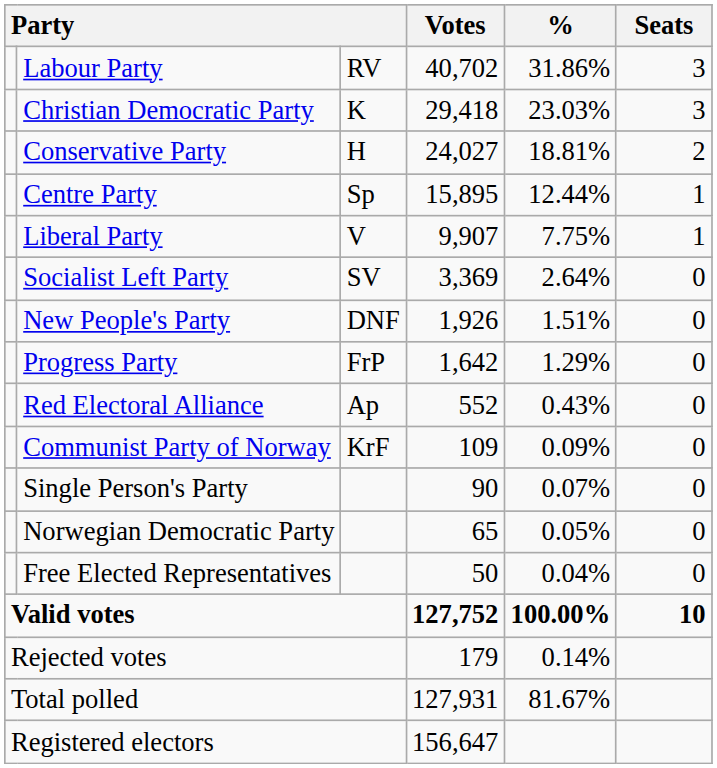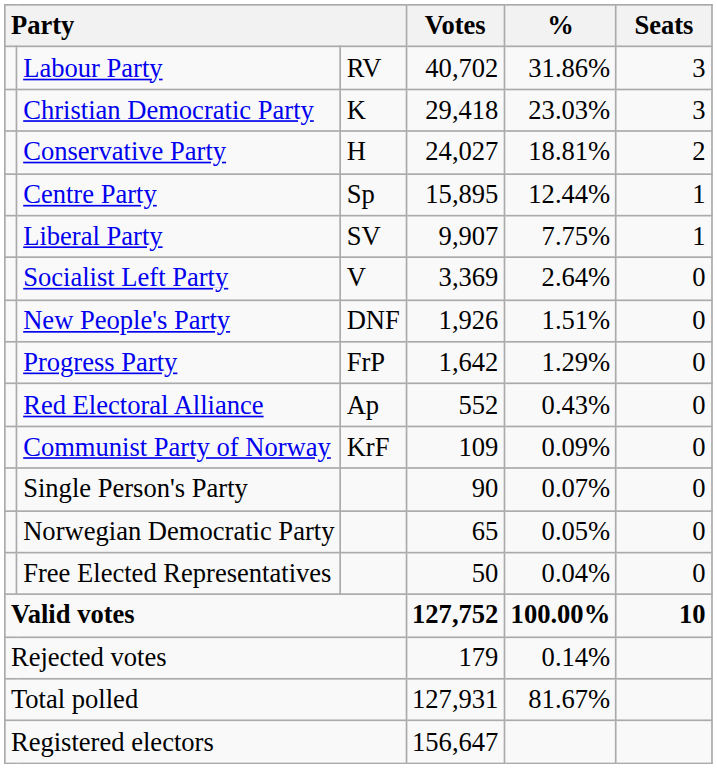 <table class="wikitable" border="1" style="text-align:right;">
 <tr>
 <th style="text-align:left;" colspan=3>Party</th>
 <th align=center width="50">Votes</th>
 <th align=center width="50">%</th>
 <th align=center width="50">Seats</th>
 </tr>
 <tr>
 <td style="color:inherit;background:"></td>
 <td align=left><a href='#'>Labour Party</a></td>
 <td align=left>RV</td>
 <td>40,702</td>
 <td>31.86%</td>
 <td>3</td>
 </tr>
 <tr>
 <td style="color:inherit;background:"></td>
 <td align=left><a href='#'>Christian Democratic Party</a></td>
 <td align=left>K</td>
 <td>29,418</td>
 <td>23.03%</td>
 <td>3</td>
 </tr>
 <tr>
 <td style="color:inherit;background:"></td>
 <td align=left><a href='#'>Conservative Party</a></td>
 <td align=left>H</td>
 <td>24,027</td>
 <td>18.81%</td>
 <td>2</td>
 </tr>
 <tr>
 <td style="color:inherit;background:"></td>
 <td align=left><a href='#'>Centre Party</a></td>
 <td align=left>Sp</td>
 <td>15,895</td>
 <td>12.44%</td>
 <td>1</td>
 </tr>
 <tr>
 <td style="color:inherit;background:"></td>
 <td align=left><a href='#'>Liberal Party</a></td>
-<td align=left>V</td>
+<td align=left>SV</td>
 <td>9,907</td>
 <td>7.75%</td>
 <td>1</td>
 </tr>
 <tr>
 <td style="color:inherit;background:"></td>
 <td align=left><a href='#'>Socialist Left Party</a></td>
-<td align=left>SV</td>
+<td align=left>V</td>
 <td>3,369</td>
 <td>2.64%</td>
 <td>0</td>
 </tr>
 <tr>
 <td style="color:inherit;background:"></td>
 <td align=left><a href='#'>New People's Party</a></td>
 <td align=left>DNF</td>
 <td>1,926</td>
 <td>1.51%</td>
 <td>0</td>
 </tr>
 <tr>
 <td style="color:inherit;background:"></td>
 <td align=left><a href='#'>Progress Party</a></td>
 <td align=left>FrP</td>
 <td>1,642</td>
 <td>1.29%</td>
 <td>0</td>
 </tr>
 <tr>
 <td style="color:inherit;background:"></td>
 <td align=left><a href='#'>Red Electoral Alliance</a></td>
 <td align=left>Ap</td>
 <td>552</td>
 <td>0.43%</td>
 <td>0</td>
 </tr>
 <tr>
 <td style="color:inherit;background:"></td>
 <td align=left><a href='#'>Communist Party of Norway</a></td>
 <td align=left>KrF</td>
 <td>109</td>
 <td>0.09%</td>
 <td>0</td>
 </tr>
 <tr>
 <td></td>
 <td align=left>Single Person's Party</td>
 <td align=left></td>
 <td>90</td>
 <td>0.07%</td>
 <td>0</td>
 </tr>
 <tr>
 <td></td>
 <td align=left>Norwegian Democratic Party</td>
 <td align=left></td>
 <td>65</td>
 <td>0.05%</td>
 <td>0</td>
 </tr>
 <tr>
 <td></td>
 <td align=left>Free Elected Representatives</td>
 <td align=left></td>
 <td>50</td>
 <td>0.04%</td>
 <td>0</td>
 </tr>
 <tr style="font-weight:bold">
 <td align=left colspan=3>Valid votes</td>
 <td>127,752</td>
 <td>100.00%</td>
 <td>10</td>
 </tr>
 <tr>
 <td align=left colspan=3>Rejected votes</td>
 <td>179</td>
 <td>0.14%</td>
 <td></td>
 </tr>
 <tr>
 <td align=left colspan=3>Total polled</td>
 <td>127,931</td>
 <td>81.67%</td>
 <td></td>
 </tr>
 <tr>
 <td align=left colspan=3>Registered electors</td>
 <td>156,647</td>
 <td></td>
 <td></td>
 </tr>
 </table>
